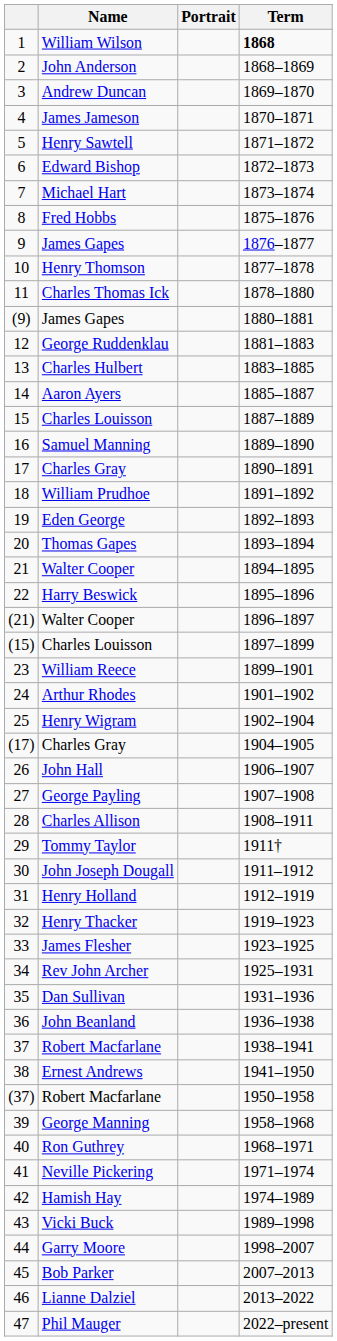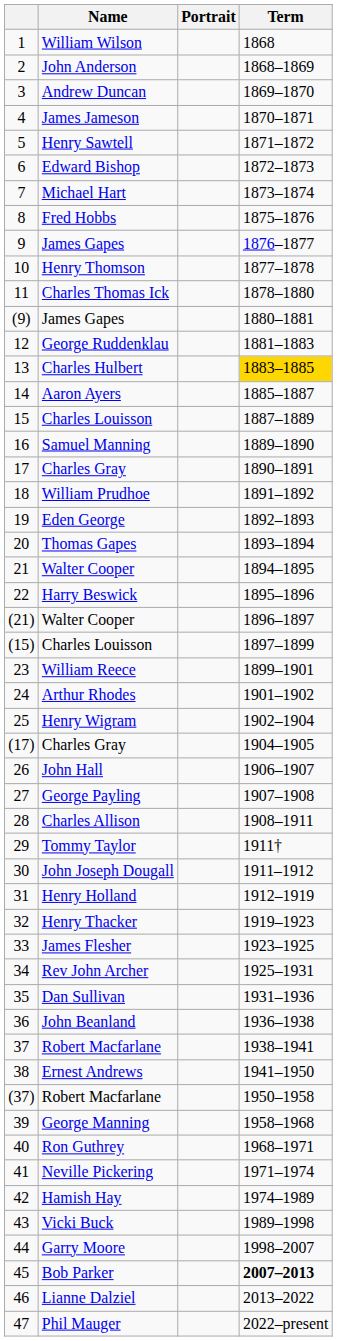 <table class="wikitable">
 <tr>
 <th></th>
 <th>Name</th>
 <th>Portrait</th>
 <th>Term</th>
 </tr>
 <tr>
 <td align=center>1</td>
 <td><a href='#'>William Wilson</a></td>
 <td></td>
-<td><strong>1868</strong></td>
+<td>1868</td>
 </tr>
 <tr>
 <td align=center>2</td>
 <td><a href='#'>John Anderson</a></td>
 <td></td>
 <td>1868–1869</td>
 </tr>
 <tr>
 <td align=center>3</td>
 <td><a href='#'>Andrew Duncan</a></td>
 <td></td>
 <td>1869–1870</td>
 </tr>
 <tr>
 <td align=center>4</td>
 <td><a href='#'>James Jameson</a></td>
 <td></td>
 <td>1870–1871</td>
 </tr>
 <tr>
 <td align=center>5</td>
 <td><a href='#'>Henry Sawtell</a></td>
 <td></td>
 <td>1871–1872</td>
 </tr>
 <tr>
 <td align=center>6</td>
 <td><a href='#'>Edward Bishop</a></td>
 <td></td>
 <td>1872–1873</td>
 </tr>
 <tr>
 <td align=center>7</td>
 <td><a href='#'>Michael Hart</a></td>
 <td></td>
 <td>1873–1874</td>
 </tr>
 <tr>
 <td align=center>8</td>
 <td><a href='#'>Fred Hobbs</a></td>
 <td></td>
 <td>1875–1876</td>
 </tr>
 <tr>
 <td align=center>9</td>
 <td><a href='#'>James Gapes</a></td>
 <td></td>
 <td><a href='#'>1876</a>–1877</td>
 </tr>
 <tr>
 <td align=center>10</td>
 <td><a href='#'>Henry Thomson</a></td>
 <td></td>
 <td>1877–1878</td>
 </tr>
 <tr>
 <td align=center>11</td>
 <td><a href='#'>Charles Thomas Ick</a></td>
 <td></td>
 <td>1878–1880</td>
 </tr>
 <tr>
 <td align=center>(9)</td>
 <td>James Gapes</td>
 <td></td>
 <td>1880–1881</td>
 </tr>
 <tr>
 <td align=center>12</td>
 <td><a href='#'>George Ruddenklau</a></td>
 <td></td>
 <td>1881–1883</td>
 </tr>
 <tr>
 <td align=center>13</td>
 <td><a href='#'>Charles Hulbert</a></td>
 <td></td>
-<td>1883–1885</td>
+<td style="background: gold;">1883–1885</td>
 </tr>
 <tr>
 <td align=center>14</td>
 <td><a href='#'>Aaron Ayers</a></td>
 <td></td>
 <td>1885–1887</td>
 </tr>
 <tr>
 <td align=center>15</td>
 <td><a href='#'>Charles Louisson</a></td>
 <td></td>
 <td>1887–1889</td>
 </tr>
 <tr>
 <td align=center>16</td>
 <td><a href='#'>Samuel Manning</a></td>
 <td></td>
 <td>1889–1890</td>
 </tr>
 <tr>
 <td align=center>17</td>
 <td><a href='#'>Charles Gray</a></td>
 <td></td>
 <td>1890–1891</td>
 </tr>
 <tr>
 <td align=center>18</td>
 <td><a href='#'>William Prudhoe</a></td>
 <td></td>
 <td>1891–1892</td>
 </tr>
 <tr>
 <td align=center>19</td>
 <td><a href='#'>Eden George</a></td>
 <td></td>
 <td>1892–1893</td>
 </tr>
 <tr>
 <td align=center>20</td>
 <td><a href='#'>Thomas Gapes</a></td>
 <td></td>
 <td>1893–1894</td>
 </tr>
 <tr>
 <td align=center>21</td>
 <td><a href='#'>Walter Cooper</a></td>
 <td></td>
 <td>1894–1895</td>
 </tr>
 <tr>
 <td align=center>22</td>
 <td><a href='#'>Harry Beswick</a></td>
 <td></td>
 <td>1895–1896</td>
 </tr>
 <tr>
 <td align=center>(21)</td>
 <td>Walter Cooper</td>
 <td></td>
 <td>1896–1897</td>
 </tr>
 <tr>
 <td align=center>(15)</td>
 <td>Charles Louisson</td>
 <td></td>
 <td>1897–1899</td>
 </tr>
 <tr>
 <td align=center>23</td>
 <td><a href='#'>William Reece</a></td>
 <td></td>
 <td>1899–1901</td>
 </tr>
 <tr>
 <td align=center>24</td>
 <td><a href='#'>Arthur Rhodes</a></td>
 <td></td>
 <td>1901–1902</td>
 </tr>
 <tr>
 <td align=center>25</td>
 <td><a href='#'>Henry Wigram</a></td>
 <td></td>
 <td>1902–1904</td>
 </tr>
 <tr>
 <td align=center>(17)</td>
 <td>Charles Gray</td>
 <td></td>
 <td>1904–1905</td>
 </tr>
 <tr>
 <td align=center>26</td>
 <td><a href='#'>John Hall</a></td>
 <td></td>
 <td>1906–1907</td>
 </tr>
 <tr>
 <td align=center>27</td>
 <td><a href='#'>George Payling</a></td>
 <td></td>
 <td>1907–1908</td>
 </tr>
 <tr>
 <td align=center>28</td>
 <td><a href='#'>Charles Allison</a></td>
 <td></td>
 <td>1908–1911</td>
 </tr>
 <tr>
 <td align=center>29</td>
 <td><a href='#'>Tommy Taylor</a></td>
 <td></td>
 <td>1911†</td>
 </tr>
 <tr>
 <td align=center>30</td>
 <td><a href='#'>John Joseph Dougall</a></td>
 <td></td>
 <td>1911–1912</td>
 </tr>
 <tr>
 <td align=center>31</td>
 <td><a href='#'>Henry Holland</a></td>
 <td></td>
 <td>1912–1919</td>
 </tr>
 <tr>
 <td align=center>32</td>
 <td><a href='#'>Henry Thacker</a></td>
 <td></td>
 <td>1919–1923</td>
 </tr>
 <tr>
 <td align=center>33</td>
 <td><a href='#'>James Flesher</a></td>
 <td></td>
 <td>1923–1925</td>
 </tr>
 <tr>
 <td align=center>34</td>
 <td><a href='#'>Rev John Archer</a></td>
 <td></td>
 <td>1925–1931</td>
 </tr>
 <tr>
 <td align=center>35</td>
 <td><a href='#'>Dan Sullivan</a></td>
 <td></td>
 <td>1931–1936</td>
 </tr>
 <tr>
 <td align=center>36</td>
 <td><a href='#'>John Beanland</a></td>
 <td></td>
 <td>1936–1938</td>
 </tr>
 <tr>
 <td align=center>37</td>
 <td><a href='#'>Robert Macfarlane</a></td>
 <td></td>
 <td>1938–1941</td>
 </tr>
 <tr>
 <td align=center>38</td>
 <td><a href='#'>Ernest Andrews</a></td>
 <td></td>
 <td>1941–1950</td>
 </tr>
 <tr>
 <td align=center>(37)</td>
 <td>Robert Macfarlane</td>
 <td></td>
 <td>1950–1958</td>
 </tr>
 <tr>
 <td align=center>39</td>
 <td><a href='#'>George Manning</a></td>
 <td></td>
 <td>1958–1968</td>
 </tr>
 <tr>
 <td align=center>40</td>
 <td><a href='#'>Ron Guthrey</a></td>
 <td></td>
 <td>1968–1971</td>
 </tr>
 <tr>
 <td align=center>41</td>
 <td><a href='#'>Neville Pickering</a></td>
 <td></td>
 <td>1971–1974</td>
 </tr>
 <tr>
 <td align=center>42</td>
 <td><a href='#'>Hamish Hay</a></td>
 <td></td>
 <td>1974–1989</td>
 </tr>
 <tr>
 <td align=center>43</td>
 <td><a href='#'>Vicki Buck</a></td>
 <td></td>
 <td>1989–1998</td>
 </tr>
 <tr>
 <td align=center>44</td>
 <td><a href='#'>Garry Moore</a></td>
 <td></td>
 <td>1998–2007</td>
 </tr>
 <tr>
 <td align=center>45</td>
 <td><a href='#'>Bob Parker</a></td>
 <td></td>
-<td>2007–2013</td>
+<td><strong>2007–2013</strong></td>
 </tr>
 <tr>
 <td align=center>46</td>
 <td><a href='#'>Lianne Dalziel</a></td>
 <td></td>
 <td>2013–2022</td>
 </tr>
 <tr>
 <td align=center>47</td>
 <td><a href='#'>Phil Mauger</a></td>
 <td></td>
 <td>2022–present</td>
 </tr>
 </table>
